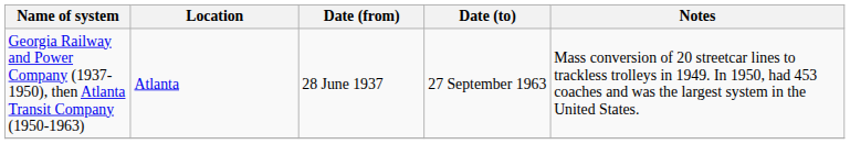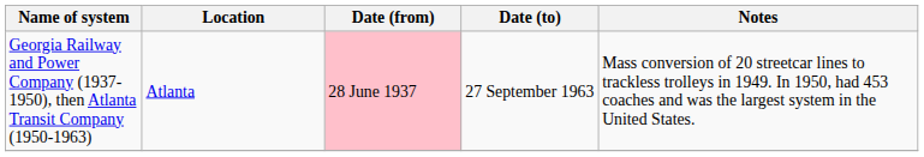 <table class="wikitable" width=100%>
 <tr>
 <th width=15%>Name of system</th>
 <th width=20%>Location</th>
 <th width=15%>Date (from)</th>
 <th width=15%>Date (to)</th>
 <th width=35%>Notes</th>
 </tr>
 <tr>
 <td><a href='#'>Georgia Railway and Power Company</a> (1937-1950), then <a href='#'>Atlanta Transit Company</a> (1950-1963)</td>
 <td><a href='#'>Atlanta</a></td>
-<td>28 June 1937</td>
+<td style="background: pink;">28 June 1937</td>
 <td>27 September 1963</td>
 <td> Mass conversion of 20 streetcar lines to trackless trolleys in 1949. In 1950, had 453 coaches and was the largest system in the United States.</td>
 </tr>
 <tr>
 </tr>
 </table>
